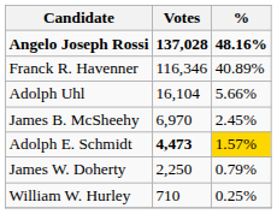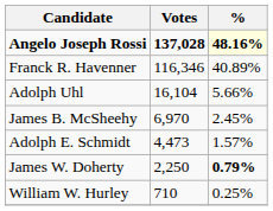 <table class="wikitable">
 <tr>
 <th>Candidate</th>
 <th>Votes</th>
 <th>%</th>
 </tr>
 <tr>
 <td><strong>Angelo Joseph Rossi</strong></td>
 <td><strong>137,028</strong></td>
-<td><strong>48.16%</strong></td>
+<td style="background: lightyellow;"><strong>48.16%</strong></td>
 </tr>
 <tr>
 <td>Franck R. Havenner</td>
 <td>116,346</td>
 <td>40.89%</td>
 </tr>
 <tr>
 <td>Adolph Uhl</td>
 <td>16,104</td>
 <td>5.66%</td>
 </tr>
 <tr>
 <td>James B. McSheehy</td>
 <td>6,970</td>
 <td>2.45%</td>
 </tr>
 <tr>
 <td>Adolph E. Schmidt</td>
-<td><strong>4,473</strong></td>
-<td style="background: gold;">1.57%</td>
+<td>4,473</td>
+<td>1.57%</td>
 </tr>
 <tr>
 <td>James W. Doherty</td>
 <td>2,250</td>
-<td>0.79%</td>
+<td><strong>0.79%</strong></td>
 </tr>
 <tr>
 <td>William W. Hurley</td>
 <td>710</td>
 <td>0.25%</td>
 </tr>
 <tr>
 </tr>
 </table>
